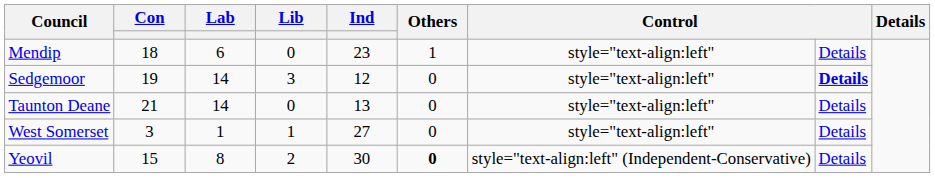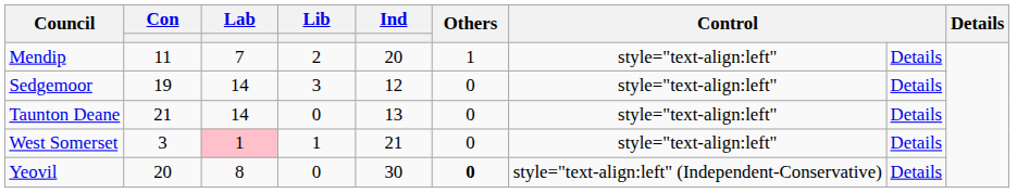 <table class="wikitable" style="text-align:center;">
 <tr>
 <th rowspan=2>Council</th>
 <th style="width:60px;"><a href='#'>Con</a></th>
 <th style="width:60px;"><a href='#'>Lab</a></th>
 <th style="width:60px;"><a href='#'>Lib</a></th>
 <th style="width:60px;"><a href='#'>Ind</a></th>
 <th style="width:60px;" rowspan=2>Others</th>
 <th rowspan=2 colspan=2>Control</th>
 <th rowspan=2>Details</th>
 </tr>
 <tr>
 <th style="background:"></th>
 <th style="background:"></th>
 <th style="background:"></th>
 <th style="background:"></th>
 </tr>
 <tr>
 <td style="text-align:left"><a href='#'>Mendip</a></td>
-<td>18</td>
-<td>6</td>
-<td>0</td>
-<td>23</td>
+<td>11</td>
+<td>7</td>
+<td>2</td>
+<td>20</td>
 <td>1</td>
 <td>style="text-align:left" </td>
 <td style="text-align:left"><a href='#'>Details</a></td>
 </tr>
 <tr>
 <td style="text-align:left"><a href='#'>Sedgemoor</a></td>
 <td>19</td>
 <td>14</td>
 <td>3</td>
 <td>12</td>
 <td>0</td>
 <td>style="text-align:left" </td>
-<td style="text-align:left"><strong><a href='#'>Details</a></strong></td>
+<td style="text-align:left"><a href='#'>Details</a></td>
 </tr>
 <tr>
 <td style="text-align:left"><a href='#'>Taunton Deane</a></td>
 <td>21</td>
 <td>14</td>
 <td>0</td>
 <td>13</td>
 <td>0</td>
 <td>style="text-align:left" </td>
 <td style="text-align:left"><a href='#'>Details</a></td>
 </tr>
 <tr>
 <td style="text-align:left"><a href='#'>West Somerset</a></td>
 <td>3</td>
+<td style="background: pink;">1</td>
 <td>1</td>
-<td>1</td>
-<td>27</td>
+<td>21</td>
 <td>0</td>
 <td>style="text-align:left" </td>
 <td style="text-align:left"><a href='#'>Details</a></td>
 </tr>
 <tr>
 <td style="text-align:left"><a href='#'>Yeovil</a></td>
-<td>15</td>
+<td>20</td>
 <td>8</td>
-<td>2</td>
+<td>0</td>
 <td>30</td>
 <td><strong>0</strong></td>
 <td>style="text-align:left"  (Independent-Conservative)</td>
 <td style="text-align:left"><a href='#'>Details</a></td>
 </tr>
 </table>
